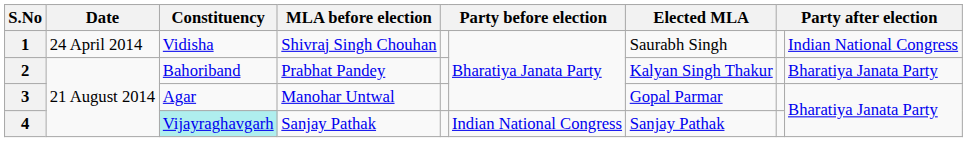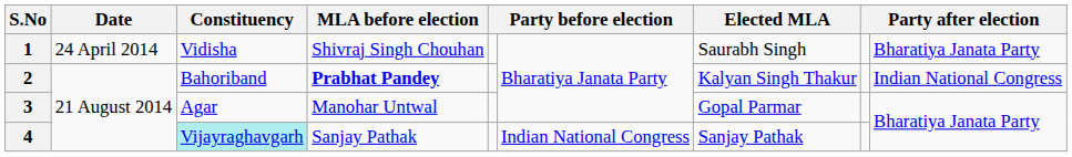 <table class="wikitable sortable">
 <tr>
 <th>S.No</th>
 <th>Date</th>
 <th>Constituency</th>
 <th>MLA before election</th>
 <th colspan="2">Party before election</th>
 <th>Elected MLA</th>
 <th colspan="2">Party after election</th>
 </tr>
 <tr>
 <th>1</th>
 <td>24 April 2014</td>
 <td><a href='#'>Vidisha</a></td>
 <td><a href='#'>Shivraj Singh Chouhan</a></td>
 <td></td>
 <td rowspan="3"><a href='#'>Bharatiya Janata Party</a></td>
 <td>Saurabh Singh</td>
 <td></td>
-<td><a href='#'>Indian National Congress</a></td>
+<td><a href='#'>Bharatiya Janata Party</a></td>
 </tr>
 <tr>
 <th>2</th>
 <td rowspan="3">21 August 2014</td>
 <td><a href='#'>Bahoriband</a></td>
-<td><a href='#'>Prabhat Pandey</a></td>
+<td><strong><a href='#'>Prabhat Pandey</a></strong></td>
 <td></td>
 <td><a href='#'>Kalyan Singh Thakur</a></td>
 <td></td>
-<td><a href='#'>Bharatiya Janata Party</a></td>
+<td><a href='#'>Indian National Congress</a></td>
 </tr>
 <tr>
 <th>3</th>
 <td><a href='#'>Agar</a></td>
 <td><a href='#'>Manohar Untwal</a></td>
 <td></td>
 <td><a href='#'>Gopal Parmar</a></td>
 <td></td>
 <td rowspan="2"><a href='#'>Bharatiya Janata Party</a></td>
 </tr>
 <tr>
 <th>4</th>
 <td style="background: paleturquoise;"><a href='#'>Vijayraghavgarh</a></td>
 <td><a href='#'>Sanjay Pathak</a></td>
 <td></td>
 <td><a href='#'>Indian National Congress</a></td>
 <td><a href='#'>Sanjay Pathak</a></td>
 <td></td>
 </tr>
 </table>
